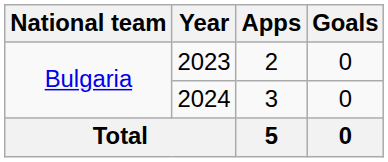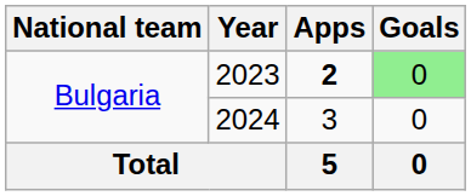 <table class="wikitable" style="text-align:center">
 <tr>
 <th>National team</th>
 <th>Year</th>
 <th>Apps</th>
 <th>Goals</th>
 </tr>
 <tr>
 <td rowspan="2"><a href='#'>Bulgaria</a></td>
 <td>2023</td>
-<td>2</td>
-<td>0</td>
+<td><strong>2</strong></td>
+<td style="background: lightgreen;">0</td>
 </tr>
 <tr>
 <td>2024</td>
 <td>3</td>
 <td>0</td>
 </tr>
 <tr>
 <th colspan="2">Total</th>
 <th>5</th>
 <th>0</th>
 </tr>
 </table>
